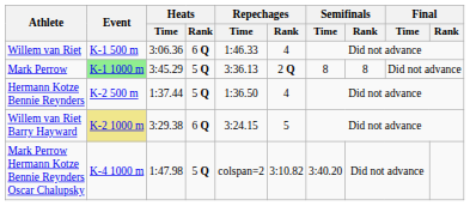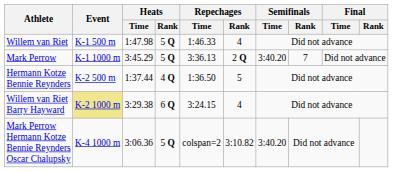 <table class="wikitable" style="font-size:90%">
 <tr>
 <th rowspan=2>Athlete</th>
 <th rowspan=2>Event</th>
 <th colspan=2>Heats</th>
 <th colspan=2>Repechages</th>
 <th colspan=2>Semifinals</th>
 <th colspan=2>Final</th>
 </tr>
 <tr style="font-size:95%">
 <th>Time</th>
 <th>Rank</th>
 <th>Time</th>
 <th>Rank</th>
 <th>Time</th>
 <th>Rank</th>
 <th>Time</th>
 <th>Rank</th>
 </tr>
 <tr align=center>
 <td align=left><a href='#'>Willem van Riet</a></td>
 <td align=left><a href='#'>K-1 500 m</a></td>
-<td>3:06.36</td>
-<td>6 <strong>Q</strong></td>
+<td>1:47.98</td>
+<td>5 <strong>Q</strong></td>
 <td>1:46.33</td>
 <td>4</td>
 <td colspan=4>Did not advance</td>
 </tr>
 <tr align=center>
 <td align=left><a href='#'>Mark Perrow</a></td>
-<td align=left style="background: lightgreen;"><a href='#'>K-1 1000 m</a></td>
+<td align=left><a href='#'>K-1 1000 m</a></td>
 <td>3:45.29</td>
 <td>5 <strong>Q</strong></td>
 <td>3:36.13</td>
 <td>2 <strong>Q</strong></td>
-<td>8</td>
-<td>8</td>
+<td>3:40.20</td>
+<td>7</td>
 <td colspan=2>Did not advance</td>
 </tr>
 <tr align=center>
 <td align=left><a href='#'>Hermann Kotze</a><br> <a href='#'>Bennie Reynders</a></td>
 <td align=left><a href='#'>K-2 500 m</a></td>
 <td>1:37.44</td>
-<td>5 <strong>Q</strong></td>
+<td>4 <strong>Q</strong></td>
 <td>1:36.50</td>
-<td>4</td>
+<td>5</td>
 <td colspan=4>Did not advance</td>
 </tr>
 <tr align=center>
 <td align=left><a href='#'>Willem van Riet</a><br> <a href='#'>Barry Hayward</a></td>
 <td align=left style="background: khaki;"><a href='#'>K-2 1000 m</a></td>
 <td>3:29.38</td>
 <td>6 <strong>Q</strong></td>
 <td>3:24.15</td>
-<td>5</td>
+<td>4</td>
 <td colspan=4>Did not advance</td>
 </tr>
 <tr align=center>
 <td align=left><a href='#'>Mark Perrow</a><br> <a href='#'>Hermann Kotze</a><br><a href='#'>Bennie Reynders</a><br><a href='#'>Oscar Chalupsky</a></td>
 <td align=left><a href='#'>K-4 1000 m</a></td>
-<td>1:47.98</td>
+<td>3:06.36</td>
 <td>5 <strong>Q</strong></td>
 <td>colspan=2 </td>
 <td>3:10.82</td>
 <td>3:40.20</td>
 <td colspan=2>Did not advance</td>
 </tr>
 </table>
